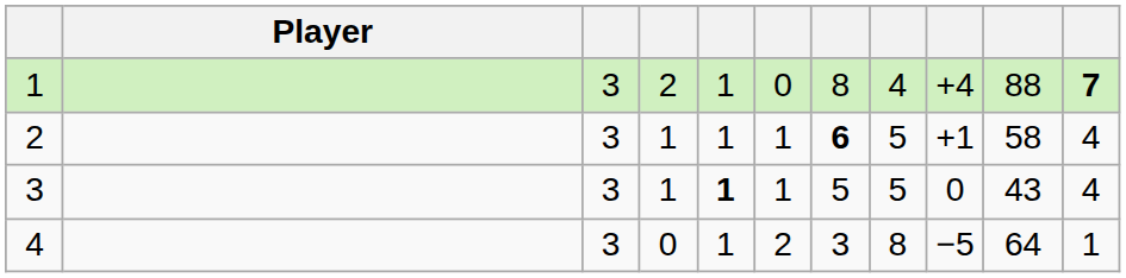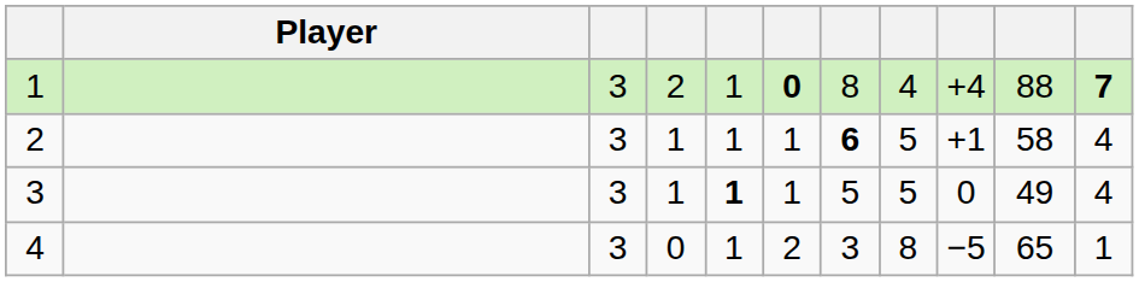 <table class="wikitable" style="text-align:center; margin: 1em auto 1em auto, align:left">
 <tr>
 <th width=20></th>
 <th width=240>Player</th>
 <th width=20></th>
 <th width=20></th>
 <th width=20></th>
 <th width=20></th>
 <th width=20></th>
 <th width=20></th>
 <th width=20></th>
 <th width=30></th>
 <th width=20></th>
 </tr>
 <tr style="background:#D0F0C0;">
 <td>1</td>
 <td align=left></td>
 <td>3</td>
 <td>2</td>
 <td>1</td>
-<td>0</td>
+<td><strong>0</strong></td>
 <td>8</td>
 <td>4</td>
 <td>+4</td>
 <td>88</td>
 <td><strong>7</strong></td>
 </tr>
 <tr style=>
 <td>2</td>
 <td align=left></td>
 <td>3</td>
 <td>1</td>
 <td>1</td>
 <td>1</td>
 <td><strong>6</strong></td>
 <td>5</td>
 <td>+1</td>
 <td>58</td>
 <td>4</td>
 </tr>
 <tr style=>
 <td>3</td>
 <td align=left></td>
 <td>3</td>
 <td>1</td>
 <td><strong>1</strong></td>
 <td>1</td>
 <td>5</td>
 <td>5</td>
 <td>0</td>
-<td>43</td>
+<td>49</td>
 <td>4</td>
 </tr>
 <tr style=>
 <td>4</td>
 <td align=left></td>
 <td>3</td>
 <td>0</td>
 <td>1</td>
 <td>2</td>
 <td>3</td>
 <td>8</td>
 <td>−5</td>
-<td>64</td>
+<td>65</td>
 <td>1</td>
 </tr>
 </table>
